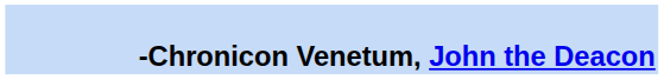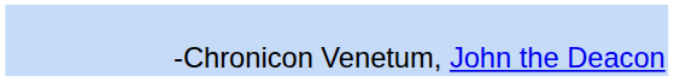 <table class="toccolours" style="float: center; margin-left: 1em; margin-right: 2em; font-size: 85%; background:#c6dbf7; color:black; width:65em; max-width: 25%;" cellspacing="0">
 <tr>
 <td style="text-align: left;"><br></td>
 </tr>
 <tr>
-<td style="text-align: right;"><strong>-Chronicon Venetum, <a href='#'>John the Deacon</a></strong></td>
+<td style="text-align: right;">-Chronicon Venetum, <a href='#'>John the Deacon</a></td>
 </tr>
 </table>
